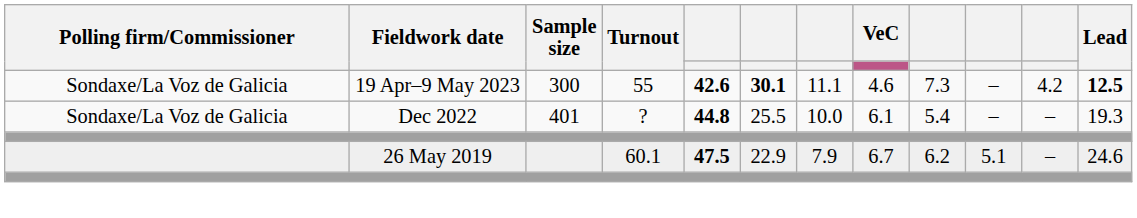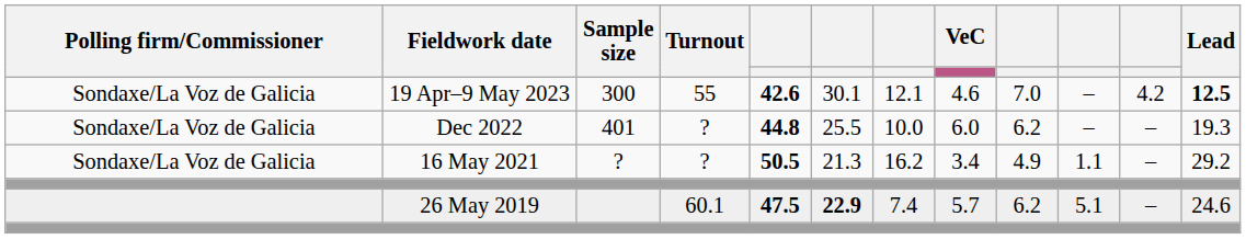 <table class="wikitable collapsible collapsed" style="text-align:center; font-size:95%; line-height:16px;">
 <tr style="height:42px;">
 <th style="width:250px;" rowspan="2">Polling firm/Commissioner</th>
 <th style="width:125px;" rowspan="2">Fieldwork date</th>
 <th style="width:50px;" rowspan="2">Sample size</th>
 <th style="width:45px;" rowspan="2">Turnout</th>
 <th style="width:35px;"></th>
 <th style="width:35px;"></th>
 <th style="width:35px;"></th>
 <th style="width:35px;">VeC</th>
 <th style="width:35px;"></th>
 <th style="width:35px;"></th>
 <th style="width:35px;"></th>
 <th style="width:30px;" rowspan="2">Lead</th>
 </tr>
 <tr>
 <th style="color:inherit;background:"></th>
 <th style="color:inherit;background:"></th>
 <th style="color:inherit;background:"></th>
 <th style="color:inherit;background:#BC5687"></th>
 <th style="color:inherit;background:"></th>
 <th style="color:inherit;background:"></th>
 <th style="color:inherit;background:"></th>
 </tr>
 <tr>
 <td>Sondaxe/La Voz de Galicia</td>
 <td>19 Apr–9 May 2023</td>
 <td>300</td>
 <td>55</td>
 <td><strong>42.6</strong><br></td>
-<td><strong>30.1<br></strong></td>
-<td>11.1<br></td>
+<td>30.1<br></td>
+<td>12.1<br></td>
 <td>4.6<br></td>
-<td>7.3<br></td>
+<td>7.0<br></td>
 <td>–</td>
 <td>4.2<br></td>
 <td style="background:"><strong>12.5</strong></td>
 </tr>
 <tr>
 <td>Sondaxe/La Voz de Galicia</td>
 <td>Dec 2022</td>
 <td>401</td>
 <td>?</td>
 <td><strong>44.8</strong><br></td>
 <td>25.5<br></td>
 <td>10.0<br></td>
-<td>6.1<br></td>
-<td>5.4<br></td>
+<td>6.0<br></td>
+<td>6.2<br></td>
 <td>–</td>
 <td>–</td>
 <td style="background:">19.3</td>
+</tr>
+<tr>
+<td>Sondaxe/La Voz de Galicia</td>
+<td>16 May 2021</td>
+<td>?</td>
+<td>?</td>
+<td><strong>50.5</strong><br></td>
+<td>21.3<br></td>
+<td>16.2<br></td>
+<td>3.4<br></td>
+<td>4.9<br></td>
+<td>1.1<br></td>
+<td>–</td>
+<td style="background:">29.2</td>
 </tr>
 <tr>
 <td colspan="12" style="background:#A0A0A0"></td>
 </tr>
 <tr style="background:#EFEFEF;">
 <td><strong></strong></td>
 <td>26 May 2019</td>
 <td></td>
 <td>60.1</td>
 <td><strong>47.5</strong><br></td>
-<td>22.9<br></td>
-<td>7.9<br></td>
-<td>6.7<br></td>
+<td><strong>22.9<br></strong></td>
+<td>7.4<br></td>
+<td>5.7<br></td>
 <td>6.2<br></td>
 <td>5.1<br></td>
 <td>–</td>
 <td style="background:">24.6</td>
 </tr>
 <tr>
 <td colspan="12" style="background:#A0A0A0"></td>
 </tr>
 </table>
